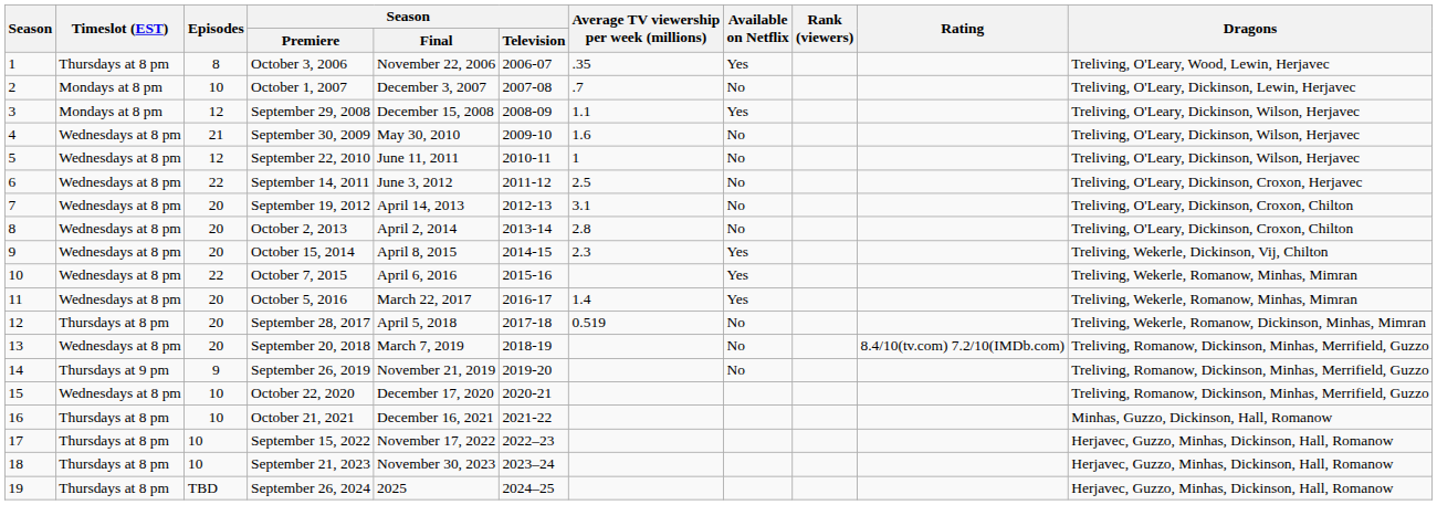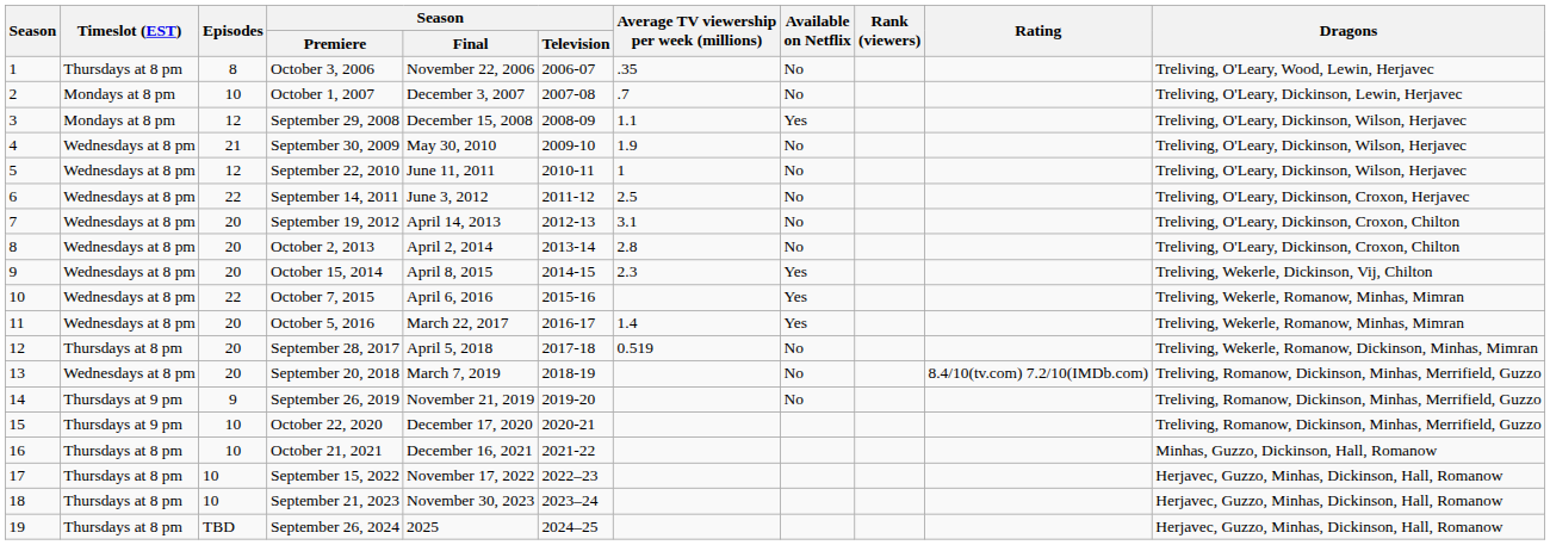 <table class="wikitable">
 <tr>
 <th rowspan="2">Season</th>
 <th rowspan="2">Timeslot (<a href='#'>EST</a>)</th>
 <th rowspan="2">Episodes</th>
 <th colspan="3">Season</th>
 <th rowspan="2">Average TV viewership<br>per week (millions)</th>
 <th rowspan="2">Available<br>on Netflix</th>
 <th rowspan="2">Rank<br>(viewers)</th>
 <th rowspan="2">Rating</th>
 <th rowspan="2">Dragons</th>
 </tr>
 <tr>
 <th>Premiere</th>
 <th>Final</th>
 <th>Television</th>
 </tr>
 <tr>
 <td>1</td>
 <td>Thursdays at 8 pm</td>
 <td align="center">8</td>
 <td>October 3, 2006</td>
 <td>November 22, 2006</td>
 <td>2006-07</td>
 <td>.35</td>
-<td>Yes</td>
+<td>No</td>
 <td></td>
 <td></td>
 <td>Treliving, O'Leary, Wood, Lewin, Herjavec</td>
 </tr>
 <tr>
 <td>2</td>
 <td>Mondays at 8 pm</td>
 <td align="center">10</td>
 <td>October 1, 2007</td>
 <td>December 3, 2007</td>
 <td>2007-08</td>
 <td>.7</td>
 <td>No</td>
 <td></td>
 <td></td>
 <td>Treliving, O'Leary, Dickinson, Lewin, Herjavec</td>
 </tr>
 <tr>
 <td>3</td>
 <td>Mondays at 8 pm</td>
 <td align="center">12</td>
 <td>September 29, 2008</td>
 <td>December 15, 2008</td>
 <td>2008-09</td>
 <td>1.1</td>
 <td>Yes</td>
 <td></td>
 <td></td>
 <td>Treliving, O'Leary, Dickinson, Wilson, Herjavec</td>
 </tr>
 <tr>
 <td>4</td>
 <td>Wednesdays at 8 pm</td>
 <td align="center">21</td>
 <td>September 30, 2009</td>
 <td>May 30, 2010</td>
 <td>2009-10</td>
-<td>1.6</td>
+<td>1.9</td>
 <td>No</td>
 <td></td>
 <td></td>
 <td>Treliving, O'Leary, Dickinson, Wilson, Herjavec</td>
 </tr>
 <tr>
 <td>5</td>
 <td>Wednesdays at 8 pm</td>
 <td align="center">12</td>
 <td>September 22, 2010</td>
 <td>June 11, 2011</td>
 <td>2010-11</td>
 <td>1</td>
 <td>No</td>
 <td></td>
 <td></td>
 <td>Treliving, O'Leary, Dickinson, Wilson, Herjavec</td>
 </tr>
 <tr>
 <td>6</td>
 <td>Wednesdays at 8 pm</td>
 <td align="center">22</td>
 <td>September 14, 2011</td>
 <td>June 3, 2012</td>
 <td>2011-12</td>
 <td>2.5</td>
 <td>No</td>
 <td></td>
 <td></td>
 <td>Treliving, O'Leary, Dickinson, Croxon, Herjavec</td>
 </tr>
 <tr>
 <td>7</td>
 <td>Wednesdays at 8 pm</td>
 <td align="center">20</td>
 <td>September 19, 2012</td>
 <td>April 14, 2013</td>
 <td>2012-13</td>
 <td>3.1</td>
 <td>No</td>
 <td></td>
 <td></td>
 <td>Treliving, O'Leary, Dickinson, Croxon, Chilton</td>
 </tr>
 <tr>
 <td>8</td>
 <td>Wednesdays at 8 pm</td>
 <td align="center">20</td>
 <td>October 2, 2013</td>
 <td>April 2, 2014</td>
 <td>2013-14</td>
 <td>2.8</td>
 <td>No</td>
 <td></td>
 <td></td>
 <td>Treliving, O'Leary, Dickinson, Croxon, Chilton</td>
 </tr>
 <tr>
 <td>9</td>
 <td>Wednesdays at 8 pm</td>
 <td align="center">20</td>
 <td>October 15, 2014</td>
 <td>April 8, 2015</td>
 <td>2014-15</td>
 <td>2.3</td>
 <td>Yes</td>
 <td></td>
 <td></td>
 <td>Treliving, Wekerle, Dickinson, Vij, Chilton</td>
 </tr>
 <tr>
 <td>10</td>
 <td>Wednesdays at 8 pm</td>
 <td align="center">22</td>
 <td>October 7, 2015</td>
 <td>April 6, 2016</td>
 <td>2015-16</td>
 <td></td>
 <td>Yes</td>
 <td></td>
 <td></td>
 <td>Treliving, Wekerle, Romanow, Minhas, Mimran</td>
 </tr>
 <tr>
 <td>11</td>
 <td>Wednesdays at 8 pm</td>
 <td align="center">20</td>
 <td>October 5, 2016</td>
 <td>March 22, 2017</td>
 <td>2016-17</td>
 <td>1.4</td>
 <td>Yes</td>
 <td></td>
 <td></td>
 <td>Treliving, Wekerle, Romanow, Minhas, Mimran</td>
 </tr>
 <tr>
 <td>12</td>
 <td>Thursdays at 8 pm</td>
 <td align="center">20</td>
 <td>September 28, 2017</td>
 <td>April 5, 2018</td>
 <td>2017-18</td>
 <td>0.519</td>
 <td>No</td>
 <td></td>
 <td></td>
 <td>Treliving, Wekerle, Romanow, Dickinson, Minhas, Mimran</td>
 </tr>
 <tr>
 <td>13</td>
 <td>Wednesdays at 8 pm</td>
 <td align="center">20</td>
 <td>September 20, 2018</td>
 <td>March 7, 2019</td>
 <td>2018-19</td>
 <td></td>
 <td>No</td>
 <td></td>
 <td>8.4/10(tv.com) 7.2/10(IMDb.com)</td>
 <td>Treliving, Romanow, Dickinson, Minhas, Merrifield, Guzzo</td>
 </tr>
 <tr>
 <td>14</td>
 <td>Thursdays at 9 pm</td>
 <td align="center">9</td>
 <td>September 26, 2019</td>
 <td>November 21, 2019</td>
 <td>2019-20</td>
 <td></td>
 <td>No</td>
 <td></td>
 <td></td>
 <td>Treliving, Romanow, Dickinson, Minhas, Merrifield, Guzzo</td>
 </tr>
 <tr>
 <td>15</td>
-<td>Wednesdays at 8 pm</td>
+<td>Thursdays at 9 pm</td>
 <td align="center">10</td>
 <td>October 22, 2020</td>
 <td>December 17, 2020</td>
 <td>2020-21</td>
 <td></td>
 <td></td>
 <td></td>
 <td></td>
 <td>Treliving, Romanow, Dickinson, Minhas, Merrifield, Guzzo</td>
 </tr>
 <tr>
 <td>16</td>
 <td>Thursdays at 8 pm</td>
 <td align="center">10</td>
 <td>October 21, 2021</td>
 <td>December 16, 2021</td>
 <td>2021-22</td>
 <td></td>
 <td></td>
 <td></td>
 <td></td>
 <td>Minhas, Guzzo, Dickinson, Hall, Romanow</td>
 </tr>
 <tr>
 <td>17</td>
 <td>Thursdays at 8 pm</td>
 <td>10</td>
 <td>September 15, 2022</td>
 <td>November 17, 2022</td>
 <td>2022–23</td>
 <td></td>
 <td></td>
 <td></td>
 <td></td>
 <td>Herjavec, Guzzo, Minhas, Dickinson, Hall, Romanow</td>
 </tr>
 <tr>
 <td>18</td>
 <td>Thursdays at 8 pm</td>
 <td>10</td>
 <td>September 21, 2023</td>
 <td>November 30, 2023</td>
 <td>2023–24</td>
 <td></td>
 <td></td>
 <td></td>
 <td></td>
 <td>Herjavec, Guzzo, Minhas, Dickinson, Hall, Romanow</td>
 </tr>
 <tr>
 <td>19</td>
 <td>Thursdays at 8 pm</td>
 <td>TBD</td>
 <td>September 26, 2024</td>
 <td>2025</td>
 <td>2024–25</td>
 <td></td>
 <td></td>
 <td></td>
 <td></td>
 <td>Herjavec, Guzzo, Minhas, Dickinson, Hall, Romanow</td>
 </tr>
 </table>
